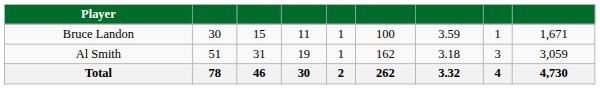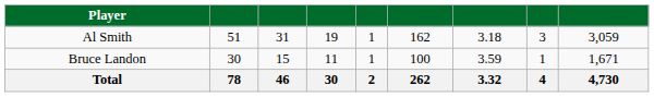 <table class="wikitable sortable" style="width:60%; text-align:center;">
 <tr>
 <th style="color:white; background:#006C2C; ">Player</th>
 <th style="color:white; background:#006C2C; "></th>
 <th style="color:white;background:#006C2C; "></th>
 <th style="color:white;background:#006C2C; "></th>
 <th style="color:white; background:#006C2C; "></th>
 <th style="color:white; background:#006C2C; "></th>
 <th style="color:white; background:#006C2C; "></th>
 <th style="color:white; background:#006C2C; "></th>
 <th style="color:white; background:#006C2C; "></th>
 </tr>
 <tr align="center">
+<td>Al Smith</td>
+<td>51</td>
+<td>31</td>
+<td>19</td>
+<td>1</td>
+<td>162</td>
+<td>3.18</td>
+<td>3</td>
+<td>3,059</td>
+</tr>
+<tr align="center">
 <td>Bruce Landon</td>
 <td>30</td>
 <td>15</td>
 <td>11</td>
 <td>1</td>
 <td>100</td>
 <td>3.59</td>
 <td>1</td>
 <td>1,671</td>
-</tr>
-<tr align="center">
-<td>Al Smith</td>
-<td>51</td>
-<td>31</td>
-<td>19</td>
-<td>1</td>
-<td>162</td>
-<td>3.18</td>
-<td>3</td>
-<td>3,059</td>
 </tr>
 <tr class="sortbottom">
 <th colspan=1>Total</th>
 <th>78</th>
 <th>46</th>
 <th>30</th>
 <th>2</th>
 <th>262</th>
 <th>3.32</th>
 <th>4</th>
 <th>4,730</th>
 </tr>
 </table>
